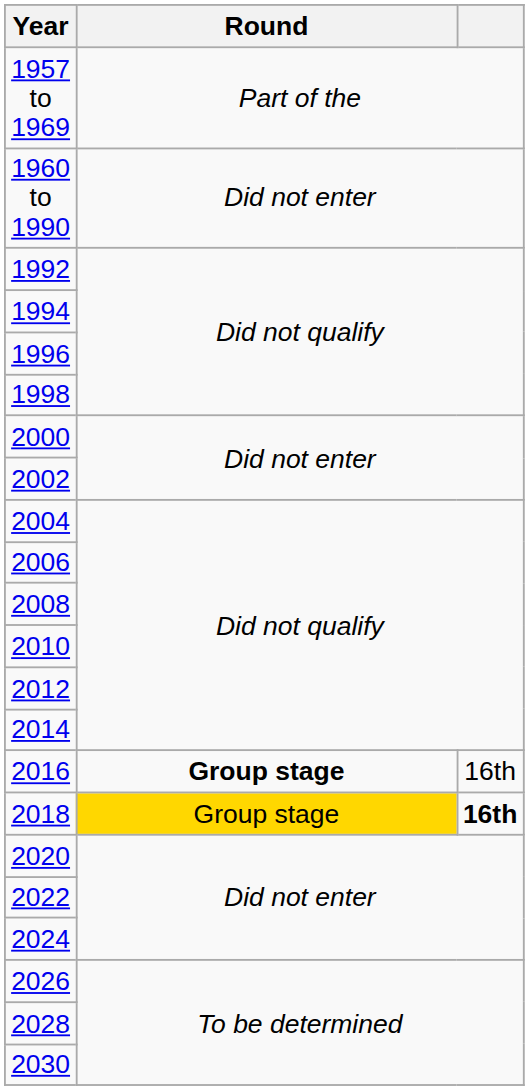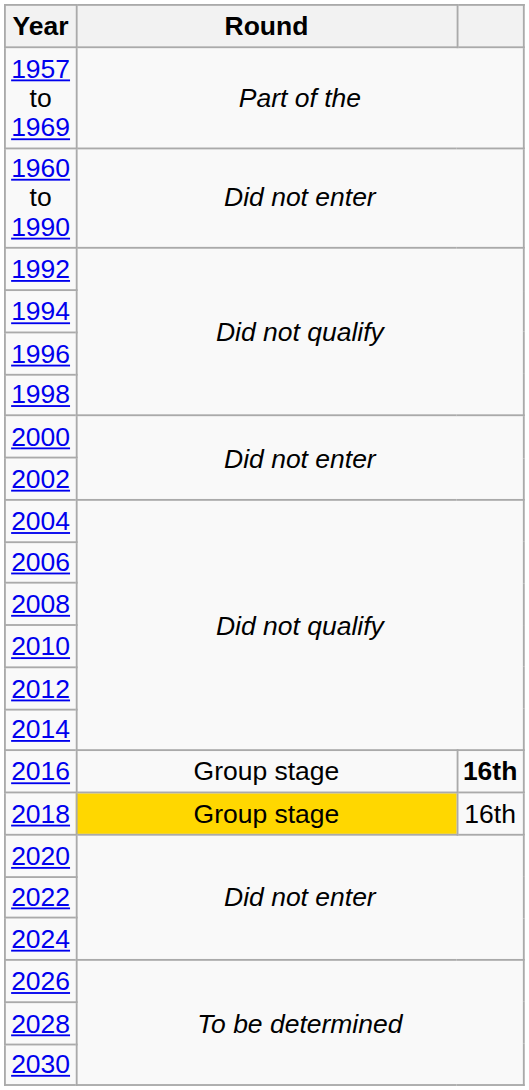 <table class="wikitable" style="text-align: center; font-size:90%">
 <tr>
 <th>Year</th>
 <th style="width:200px">Round</th>
 <th></th>
 </tr>
 <tr>
 <td><a href='#'>1957</a><br>to<br><a href='#'>1969</a></td>
 <td colspan="2"><em>Part of the </em></td>
 </tr>
 <tr>
 <td><a href='#'>1960</a><br>to<br><a href='#'>1990</a></td>
 <td colspan="2"><em>Did not enter</em></td>
 </tr>
 <tr>
 <td><a href='#'>1992</a></td>
 <td colspan="2" rowspan="4"><em>Did not qualify</em></td>
 </tr>
 <tr>
 <td><a href='#'>1994</a></td>
 </tr>
 <tr>
 <td><a href='#'>1996</a></td>
 </tr>
 <tr>
 <td><a href='#'>1998</a></td>
 </tr>
 <tr>
 <td><a href='#'>2000</a></td>
 <td colspan="2" rowspan="2"><em>Did not enter</em></td>
 </tr>
 <tr>
 <td><a href='#'>2002</a></td>
 </tr>
 <tr>
 <td><a href='#'>2004</a></td>
 <td colspan="2" rowspan="6"><em>Did not qualify</em></td>
 </tr>
 <tr>
 <td><a href='#'>2006</a></td>
 </tr>
 <tr>
 <td><a href='#'>2008</a></td>
 </tr>
 <tr>
 <td><a href='#'>2010</a></td>
 </tr>
 <tr>
 <td><a href='#'>2012</a></td>
 </tr>
 <tr>
 <td><a href='#'>2014</a></td>
 </tr>
 <tr>
 <td><a href='#'>2016</a></td>
-<td><strong>Group stage</strong></td>
-<td>16th</td>
+<td>Group stage</td>
+<td><strong>16th</strong></td>
 </tr>
 <tr>
 <td><a href='#'>2018</a></td>
 <td style="background: gold;">Group stage</td>
-<td><strong>16th</strong></td>
+<td>16th</td>
 </tr>
 <tr>
 <td><a href='#'>2020</a></td>
 <td colspan="2" rowspan="3"><em>Did not enter</em></td>
 </tr>
 <tr>
 <td><a href='#'>2022</a></td>
 </tr>
 <tr>
 <td><a href='#'>2024</a></td>
 </tr>
 <tr>
 <td><a href='#'>2026</a></td>
 <td colspan="2" rowspan="3"><em>To be determined</em></td>
 </tr>
 <tr>
 <td><a href='#'>2028</a></td>
 </tr>
 <tr>
 <td><a href='#'>2030</a></td>
 </tr>
 </table>
